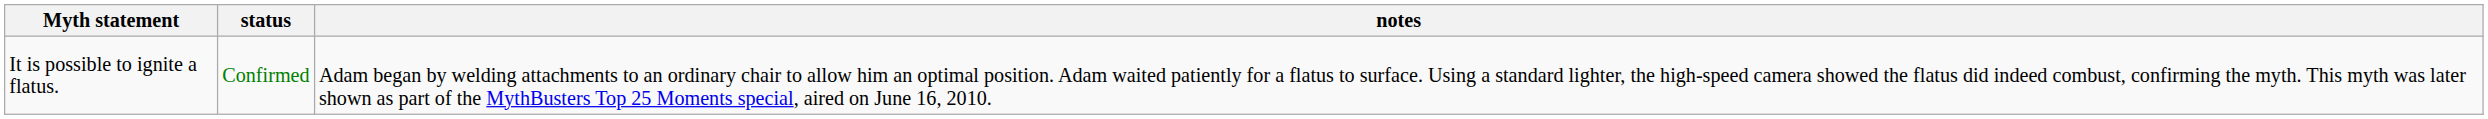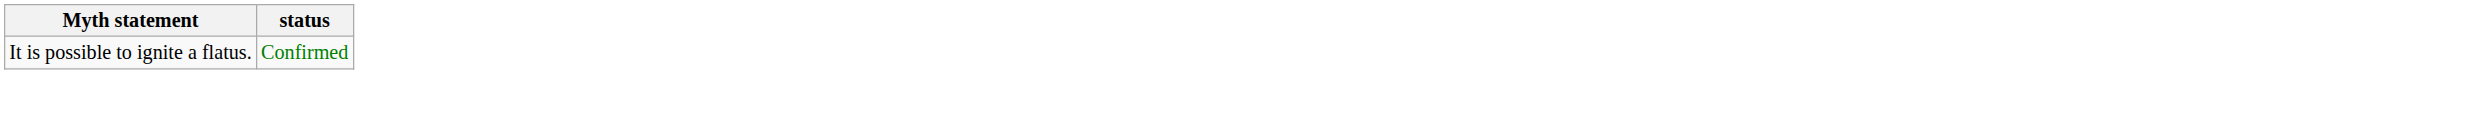 <table class="wikitable plainrowheaders">
 <tr>
 <th>Myth statement</th>
 <th>status</th>
-<th>notes</th>
 </tr>
 <tr>
 <td>It is possible to ignite a flatus.</td>
 <td style="color:green">Confirmed</td>
-<td><br>Adam began by welding attachments to an ordinary chair to allow him an optimal position. Adam waited patiently for a flatus to surface. Using a standard lighter, the high-speed camera showed the flatus did indeed combust, confirming the myth. This myth was later shown as part of the <a href='#'>MythBusters Top 25 Moments special</a>, aired on June 16, 2010.</td>
 </tr>
 </table>
